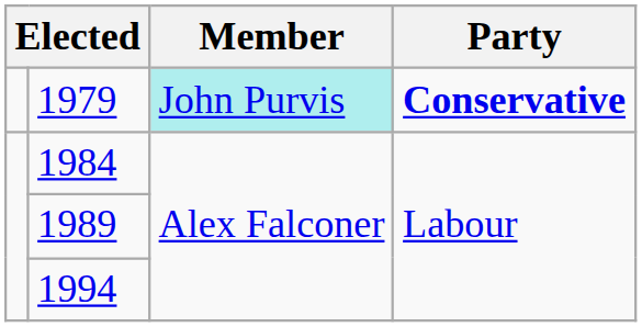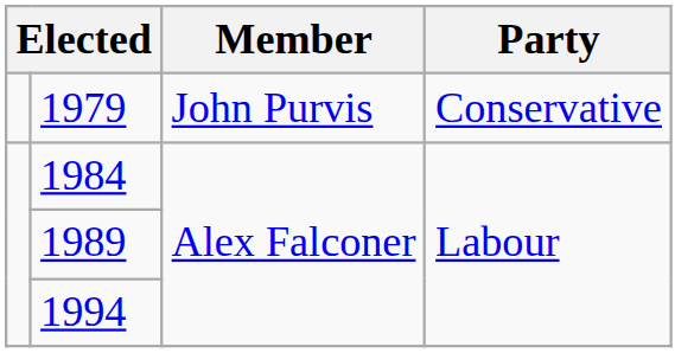 <table class="wikitable">
 <tr>
 <th colspan="2">Elected</th>
 <th>Member</th>
 <th>Party</th>
 </tr>
 <tr>
 <td style="background-color: "></td>
 <td><a href='#'>1979</a></td>
-<td style="background: paleturquoise;"><a href='#'>John Purvis</a></td>
-<td><strong><a href='#'>Conservative</a></strong></td>
+<td><a href='#'>John Purvis</a></td>
+<td><a href='#'>Conservative</a></td>
 </tr>
 <tr>
 <td rowspan="3" style="background-color: "></td>
 <td><a href='#'>1984</a></td>
 <td rowspan="3"><a href='#'>Alex Falconer</a></td>
 <td rowspan="3"><a href='#'>Labour</a></td>
 </tr>
 <tr>
 <td><a href='#'>1989</a></td>
 </tr>
 <tr>
 <td><a href='#'>1994</a></td>
 </tr>
 </table>
